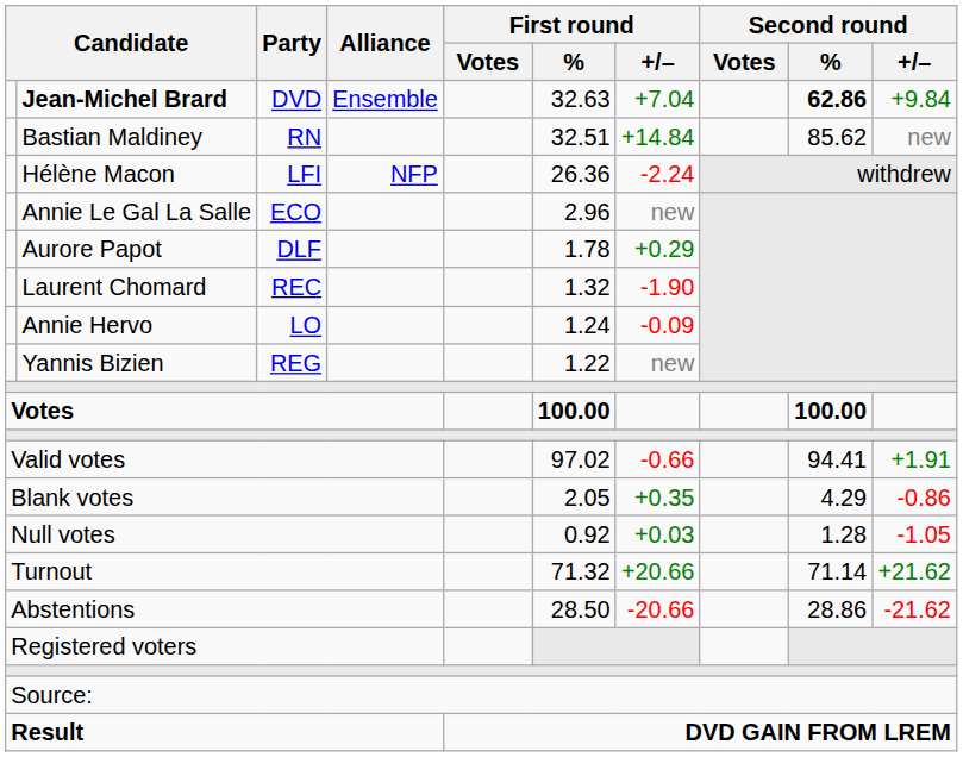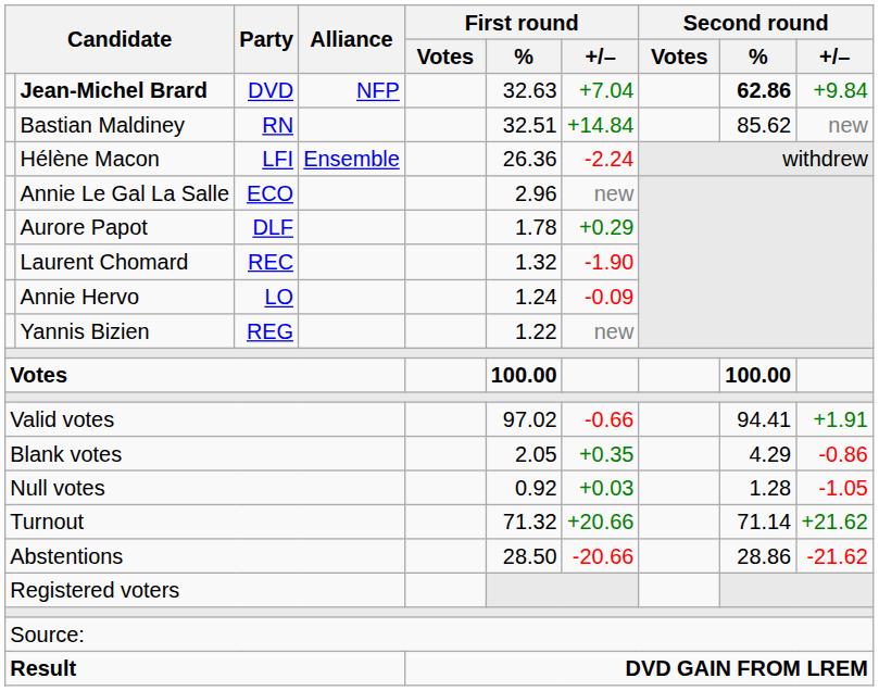 <table class="wikitable" style="text-align:right;font-size:95%;">
 <tr>
 <th rowspan="2" colspan="2">Candidate</th>
 <th colspan="1" rowspan="2">Party</th>
 <th colspan="1" rowspan="2">Alliance</th>
 <th colspan="3">First round</th>
 <th colspan="3">Second round</th>
 </tr>
 <tr>
 <th style="width:50px;">Votes</th>
 <th style="width:45px;">%</th>
 <th style="width:45px;">+/–</th>
 <th style="width:50px;">Votes</th>
 <th style="width:45px;">%</th>
 <th style="width:45px;">+/–</th>
 </tr>
 <tr>
 <td style="color:inherit;background:"></td>
 <td style="text-align:left;"><strong>Jean-Michel Brard</strong></td>
 <td><a href='#'>DVD</a></td>
-<td><a href='#'>Ensemble</a></td>
+<td><a href='#'>NFP</a></td>
 <td></td>
 <td>32.63</td>
 <td style="color:green;">+7.04</td>
 <td><strong></strong></td>
 <td><strong>62.86</strong></td>
 <td style="color:green;">+9.84</td>
 </tr>
 <tr>
 <td style="color:inherit;background:"></td>
 <td style="text-align:left;">Bastian Maldiney</td>
 <td><a href='#'>RN</a></td>
 <td></td>
 <td></td>
 <td>32.51</td>
 <td style="color:green;">+14.84</td>
 <td></td>
 <td>85.62</td>
 <td style="color:grey;">new</td>
 </tr>
 <tr>
 <td style="color:inherit;background:"></td>
 <td style="text-align:left;">Hélène Macon</td>
 <td><a href='#'>LFI</a></td>
-<td><a href='#'>NFP</a></td>
+<td><a href='#'>Ensemble</a></td>
 <td></td>
 <td>26.36</td>
 <td style="color:red;">-2.24</td>
 <td colspan="3" style="background:#E9E9E9;">withdrew</td>
 </tr>
 <tr>
 <td style="color:inherit;background:"></td>
 <td style="text-align:left;">Annie Le Gal La Salle</td>
 <td><a href='#'>ECO</a></td>
 <td></td>
 <td></td>
 <td>2.96</td>
 <td style="color:grey;">new</td>
 <td colspan="3" rowspan="5" style="background:#E9E9E9;"></td>
 </tr>
 <tr>
 <td style="color:inherit;background:"></td>
 <td style="text-align:left;">Aurore Papot</td>
 <td><a href='#'>DLF</a></td>
 <td></td>
 <td></td>
 <td>1.78</td>
 <td style="color:green;">+0.29</td>
 </tr>
 <tr>
 <td style="color:inherit;background:"></td>
 <td style="text-align:left;">Laurent Chomard</td>
 <td><a href='#'>REC</a></td>
 <td></td>
 <td></td>
 <td>1.32</td>
 <td style="color:red;">-1.90</td>
 </tr>
 <tr>
 <td style="color:inherit;background:"></td>
 <td style="text-align:left;">Annie Hervo</td>
 <td><a href='#'>LO</a></td>
 <td></td>
 <td></td>
 <td>1.24</td>
 <td style="color:red;">-0.09</td>
 </tr>
 <tr>
 <td style="color:inherit;background:"></td>
 <td style="text-align:left;">Yannis Bizien</td>
 <td><a href='#'>REG</a></td>
 <td></td>
 <td></td>
 <td>1.22</td>
 <td style="color:grey;">new</td>
 </tr>
 <tr>
 <td colspan="10" style="background:#E9E9E9;"></td>
 </tr>
 <tr style="font-weight:bold;">
 <td colspan="4" style="text-align:left;">Votes</td>
 <td></td>
 <td>100.00</td>
 <td></td>
 <td></td>
 <td>100.00</td>
 <td></td>
 </tr>
 <tr>
 <td colspan="10" style="background:#E9E9E9;"></td>
 </tr>
 <tr>
 <td colspan="4" style="text-align:left;">Valid votes</td>
 <td></td>
 <td>97.02</td>
 <td style="color:red;">-0.66</td>
 <td></td>
 <td>94.41</td>
 <td style="color:green;">+1.91</td>
 </tr>
 <tr>
 <td colspan="4" style="text-align:left;">Blank votes</td>
 <td></td>
 <td>2.05</td>
 <td style="color:green;">+0.35</td>
 <td></td>
 <td>4.29</td>
 <td style="color:red;">-0.86</td>
 </tr>
 <tr>
 <td colspan="4" style="text-align:left;">Null votes</td>
 <td></td>
 <td>0.92</td>
 <td style="color:green;">+0.03</td>
 <td></td>
 <td>1.28</td>
 <td style="color:red;">-1.05</td>
 </tr>
 <tr>
 <td colspan="4" style="text-align:left;">Turnout</td>
 <td></td>
 <td>71.32</td>
 <td style="color:green;">+20.66</td>
 <td></td>
 <td>71.14</td>
 <td style="color:green;">+21.62</td>
 </tr>
 <tr>
 <td colspan="4" style="text-align:left;">Abstentions</td>
 <td></td>
 <td>28.50</td>
 <td style="color:red;">-20.66</td>
 <td></td>
 <td>28.86</td>
 <td style="color:red;">-21.62</td>
 </tr>
 <tr>
 <td colspan="4" style="text-align:left;">Registered voters</td>
 <td></td>
 <td colspan="2" style="background:#E9E9E9;"></td>
 <td></td>
 <td colspan="2" style="background:#E9E9E9;"></td>
 </tr>
 <tr>
 <td colspan="10" style="background:#E9E9E9;"></td>
 </tr>
 <tr>
 <td colspan="10" style="text-align:left;">Source: </td>
 </tr>
 <tr style="font-weight:bold">
 <td colspan="4" style="text-align:left;">Result</td>
 <td colspan="6" style="background-color:">DVD GAIN FROM LREM</td>
 </tr>
 </table>
